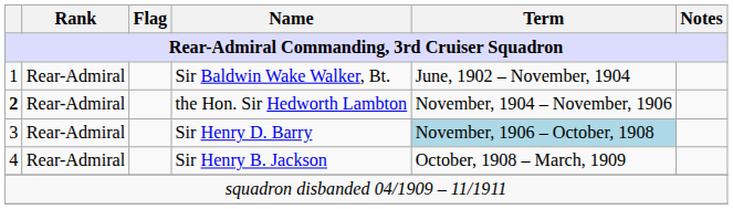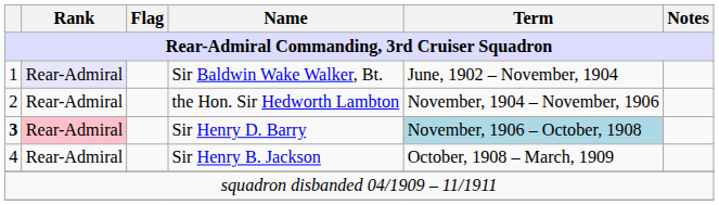 <table class="wikitable">
 <tr>
 <th></th>
 <th>Rank</th>
 <th>Flag</th>
 <th>Name</th>
 <th>Term</th>
 <th>Notes</th>
 </tr>
 <tr>
 <td colspan="6" align="center" style="background:#dcdcfe;"><strong>Rear-Admiral Commanding, 3rd Cruiser Squadron</strong></td>
 </tr>
 <tr>
 <td>1</td>
-<td>Rear-Admiral</td>
+<td style="background: lavender;">Rear-Admiral</td>
 <td></td>
 <td>Sir <a href='#'>Baldwin Wake Walker</a>, Bt.</td>
 <td>June, 1902 – November, 1904</td>
 <td></td>
 </tr>
 <tr>
-<td><strong>2</strong></td>
+<td>2</td>
 <td>Rear-Admiral</td>
 <td></td>
 <td>the Hon. Sir <a href='#'>Hedworth Lambton</a></td>
 <td>November, 1904 – November, 1906</td>
 <td></td>
 </tr>
 <tr>
-<td>3</td>
-<td>Rear-Admiral</td>
+<td><strong>3</strong></td>
+<td style="background: pink;">Rear-Admiral</td>
 <td></td>
 <td>Sir <a href='#'>Henry D. Barry</a></td>
 <td style="background: lightblue;">November, 1906 – October, 1908</td>
 <td></td>
 </tr>
 <tr>
 <td>4</td>
 <td>Rear-Admiral</td>
 <td></td>
 <td>Sir <a href='#'>Henry B. Jackson</a></td>
 <td>October, 1908 – March, 1909</td>
 <td></td>
 </tr>
 <tr>
 </tr>
 <tr style=background-color:#F8F8F8>
 <td colspan=6 align=center><em>squadron disbanded 04/1909 – 11/1911</em></td>
 </tr>
 <tr>
 </tr>
 </table>
